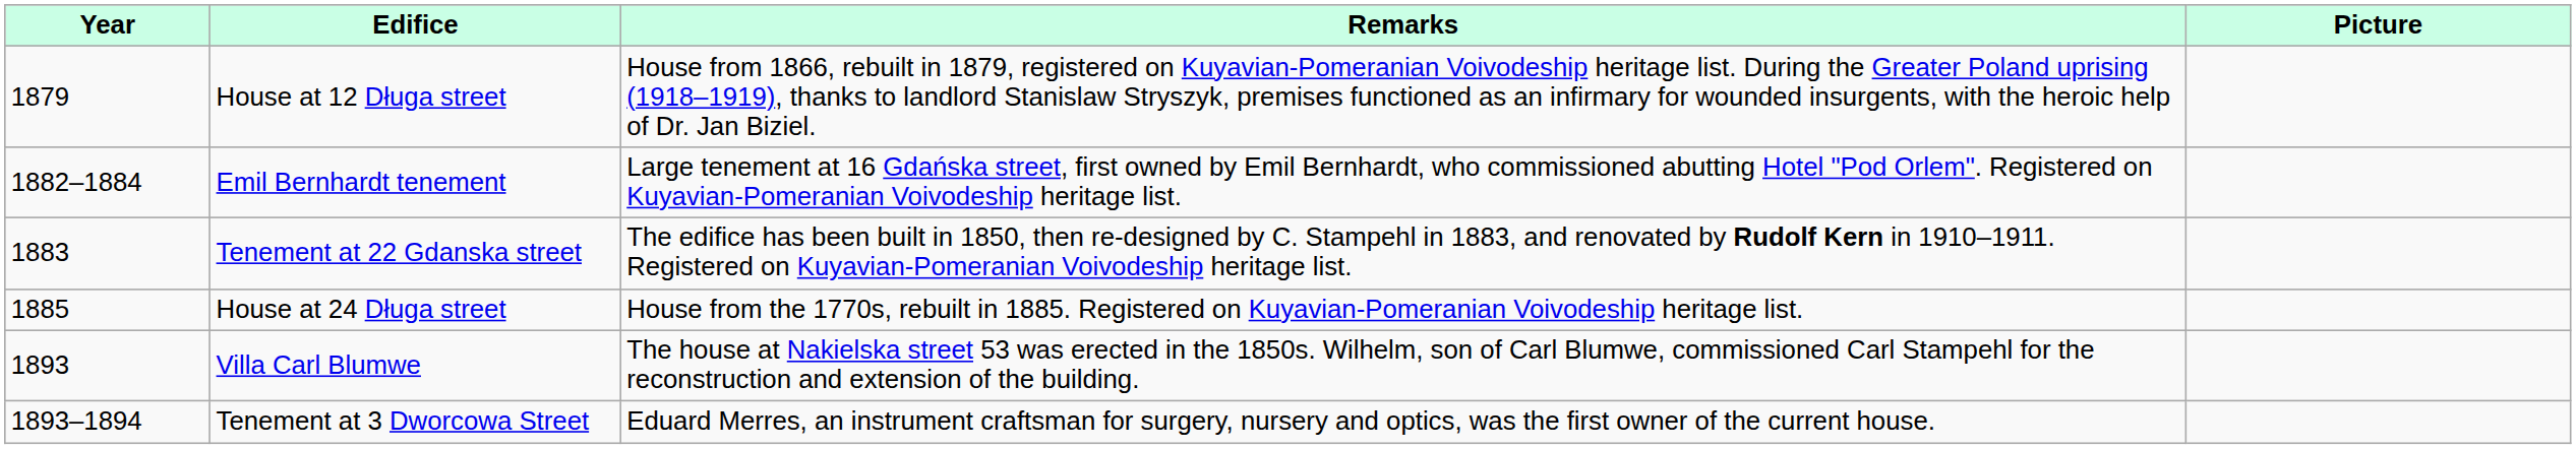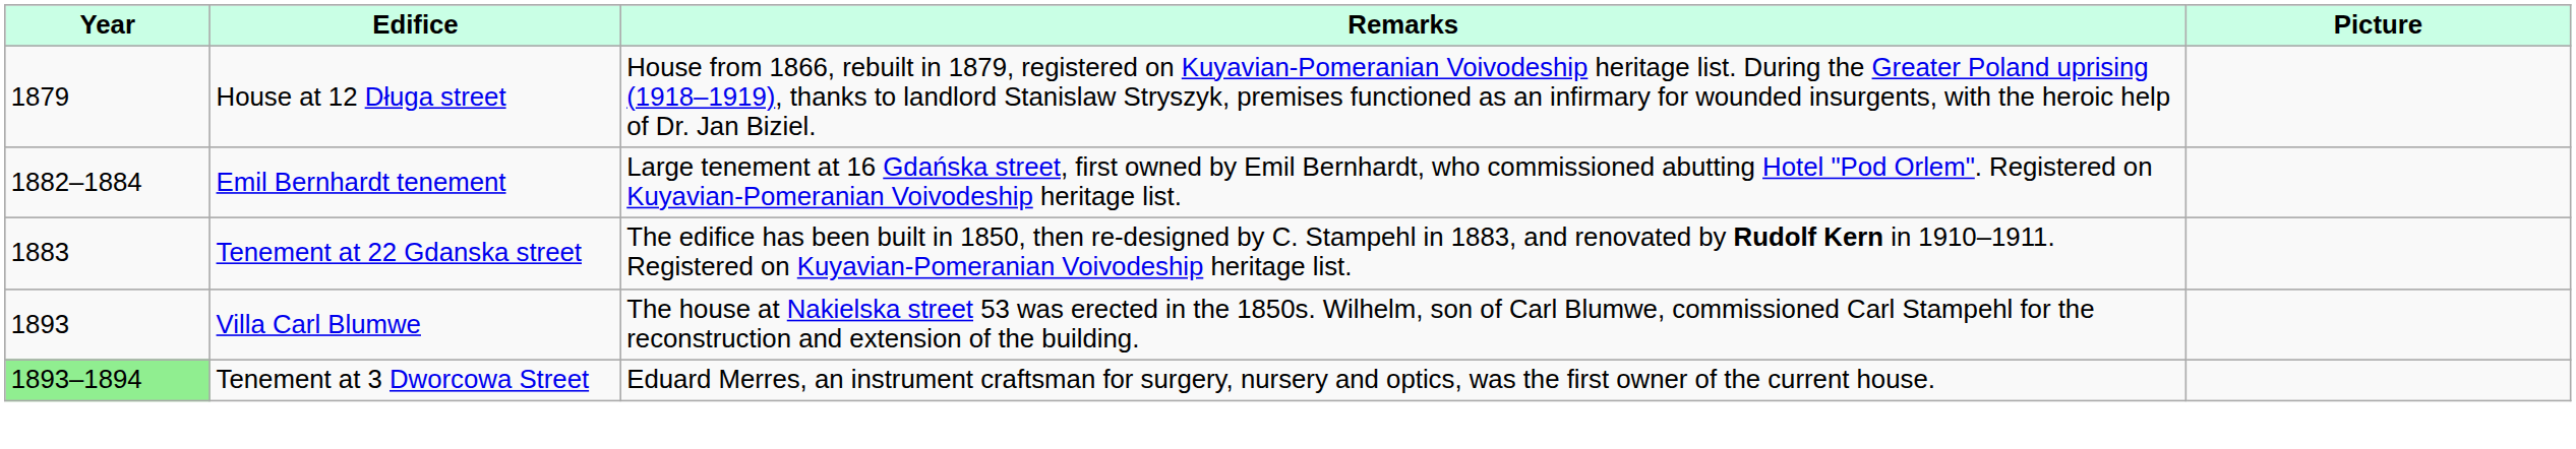 <table class="wikitable" style="flex:30em">
 <tr align="center" bgcolor="#C9FFE5">
 <td width=8%><strong>Year</strong></td>
 <td width=16%><strong>Edifice</strong></td>
 <td width=61%><strong>Remarks</strong></td>
 <td width=15%><strong>Picture</strong></td>
 </tr>
 <tr ----bgcolor="#EFEFEF">
 <td>1879</td>
 <td>House at 12 <a href='#'>Długa street</a></td>
 <td>House from 1866, rebuilt in 1879, registered on <a href='#'>Kuyavian-Pomeranian Voivodeship</a> heritage list. During the <a href='#'>Greater Poland uprising (1918–1919)</a>, thanks to landlord Stanislaw Stryszyk, premises functioned as an infirmary for wounded insurgents, with the heroic help of Dr. Jan Biziel.</td>
 <td></td>
 </tr>
 <tr ---->
 <td>1882–1884</td>
 <td><a href='#'>Emil Bernhardt tenement</a></td>
 <td>Large tenement at 16 <a href='#'>Gdańska street</a>, first owned by Emil Bernhardt, who commissioned abutting <a href='#'>Hotel "Pod Orlem"</a>. Registered on <a href='#'>Kuyavian-Pomeranian Voivodeship</a> heritage list.</td>
 <td></td>
 </tr>
 <tr ----bgcolor="#EFEFEF">
 <td>1883</td>
 <td><a href='#'>Tenement at 22 Gdanska street</a></td>
 <td>The edifice has been built in 1850, then re-designed  by C. Stampehl in 1883, and renovated by <strong>Rudolf Kern</strong> in 1910–1911. Registered on <a href='#'>Kuyavian-Pomeranian Voivodeship</a> heritage list.</td>
 <td></td>
 </tr>
-<tr ---->
-<td>1885</td>
-<td>House at 24 <a href='#'>Długa street</a></td>
-<td>House from the 1770s, rebuilt in 1885. Registered on <a href='#'>Kuyavian-Pomeranian Voivodeship</a> heritage list.</td>
-<td></td>
-</tr>
 <tr ----bgcolor="#EFEFEF">
 <td>1893</td>
 <td><a href='#'>Villa Carl Blumwe</a></td>
 <td>The house at <a href='#'>Nakielska street</a> 53 was erected in the 1850s. Wilhelm, son of Carl Blumwe, commissioned Carl Stampehl for the reconstruction and extension of the building.</td>
 <td></td>
 </tr>
 <tr ---->
-<td>1893–1894</td>
+<td style="background: lightgreen;">1893–1894</td>
 <td>Tenement at 3 <a href='#'>Dworcowa Street</a></td>
 <td>Eduard Merres, an instrument craftsman for surgery, nursery and optics, was the first owner of the current house.</td>
 <td></td>
 </tr>
 </table>
